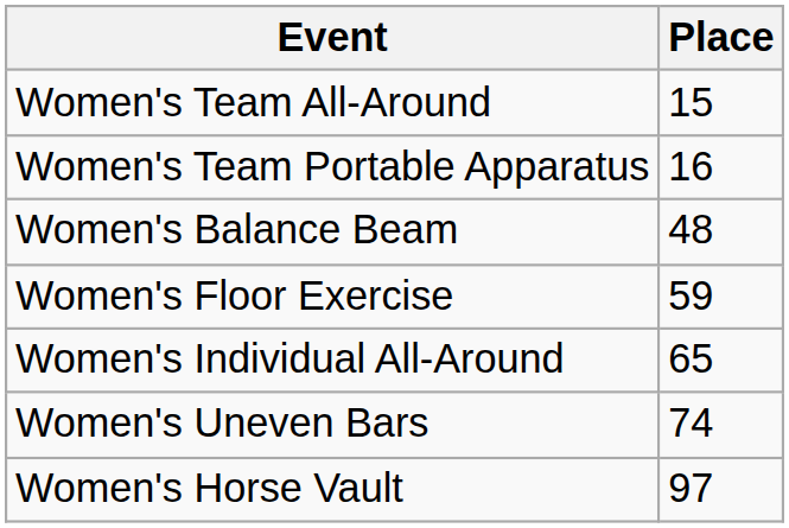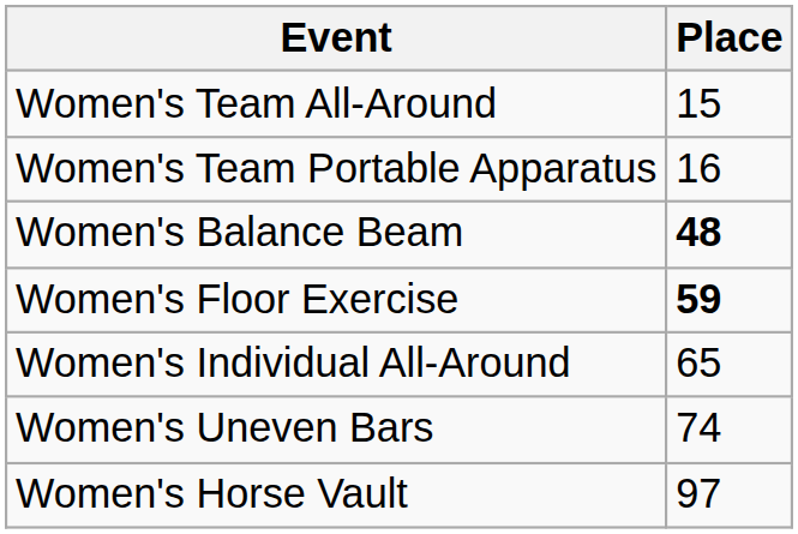 <table class="wikitable sortable">
 <tr>
 <th>Event</th>
 <th>Place</th>
 </tr>
 <tr>
 <td>Women's Team All-Around</td>
 <td>15</td>
 </tr>
 <tr>
 <td>Women's Team Portable Apparatus</td>
 <td>16</td>
 </tr>
 <tr>
 <td>Women's Balance Beam</td>
-<td>48</td>
+<td><strong>48</strong></td>
 </tr>
 <tr>
 <td>Women's Floor Exercise</td>
-<td>59</td>
+<td><strong>59</strong></td>
 </tr>
 <tr>
 <td>Women's Individual All-Around</td>
 <td>65</td>
 </tr>
 <tr>
 <td>Women's Uneven Bars</td>
 <td>74</td>
 </tr>
 <tr>
 <td>Women's Horse Vault</td>
 <td>97</td>
 </tr>
 </table>
